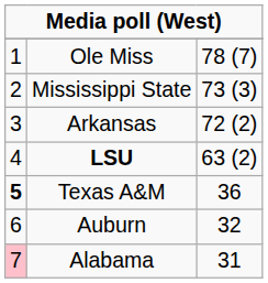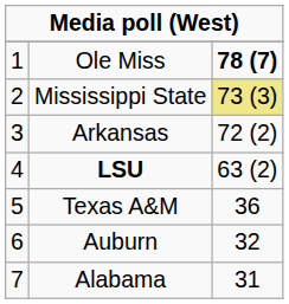 <table class="wikitable">
 <tr align="center">
 <td align="center" Colspan="3"><strong>Media poll (West)</strong></td>
 </tr>
 <tr align="center">
 </tr>
 <tr align="center">
 <td>1</td>
 <td>Ole Miss</td>
-<td>78 (7)</td>
+<td><strong>78 (7)</strong></td>
 </tr>
 <tr align="center">
 <td>2</td>
 <td>Mississippi State</td>
-<td>73 (3)</td>
+<td style="background: khaki;">73 (3)</td>
 </tr>
 <tr align="center">
 <td>3</td>
 <td>Arkansas</td>
 <td>72 (2)</td>
 </tr>
 <tr align="center">
 <td>4</td>
 <td><strong>LSU</strong></td>
 <td>63 (2)</td>
 </tr>
 <tr align="center">
-<td><strong>5</strong></td>
+<td>5</td>
 <td>Texas A&M</td>
 <td>36</td>
 </tr>
 <tr align="center">
 <td>6</td>
 <td>Auburn</td>
 <td>32</td>
 </tr>
 <tr align="center">
-<td style="background: pink;">7</td>
+<td>7</td>
 <td>Alabama</td>
 <td>31</td>
 </tr>
 </table>
